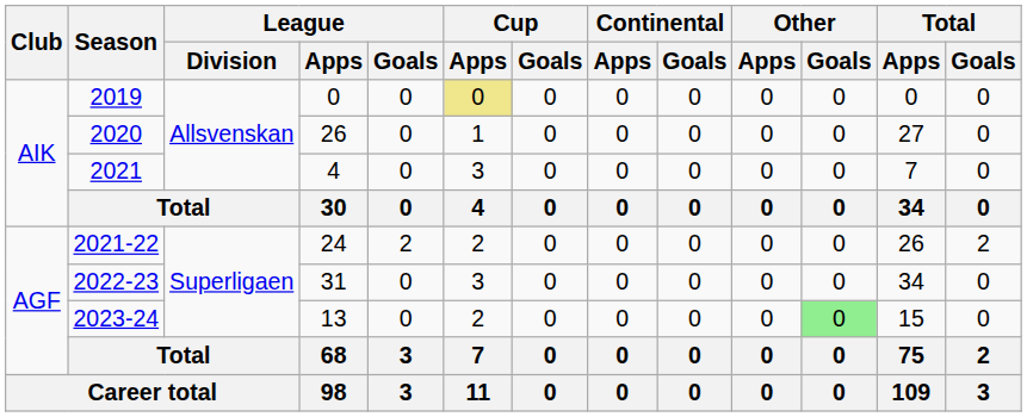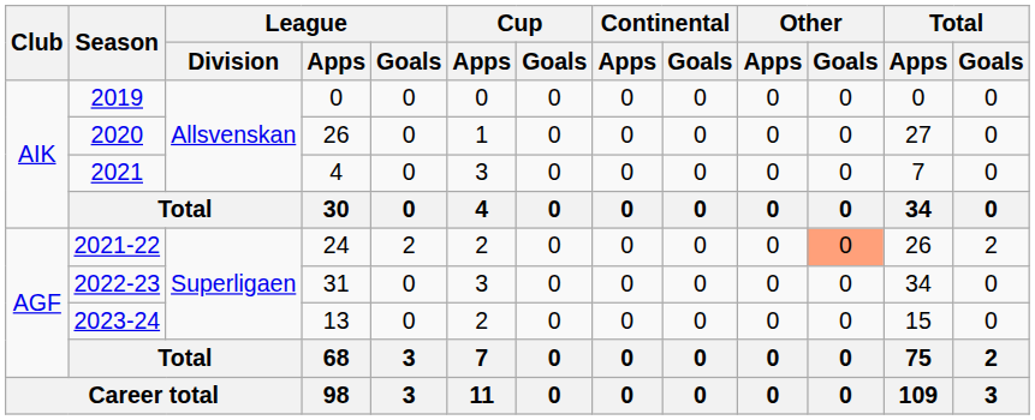 <table class="wikitable" style="text-align: center">
 <tr>
 <th rowspan="2">Club</th>
 <th rowspan="2">Season</th>
 <th colspan="3">League</th>
 <th colspan="2">Cup</th>
 <th colspan="2">Continental</th>
 <th colspan="2">Other</th>
 <th colspan="2">Total</th>
 </tr>
 <tr>
 <th>Division</th>
 <th>Apps</th>
 <th>Goals</th>
 <th>Apps</th>
 <th>Goals</th>
 <th>Apps</th>
 <th>Goals</th>
 <th>Apps</th>
 <th>Goals</th>
 <th>Apps</th>
 <th>Goals</th>
 </tr>
 <tr>
 <td rowspan="4"><a href='#'>AIK</a></td>
 <td><a href='#'>2019</a></td>
 <td rowspan="3"><a href='#'>Allsvenskan</a></td>
 <td>0</td>
 <td>0</td>
-<td style="background: khaki;">0</td>
+<td>0</td>
 <td>0</td>
 <td>0</td>
 <td>0</td>
 <td>0</td>
 <td>0</td>
 <td>0</td>
 <td>0</td>
 </tr>
 <tr>
 <td><a href='#'>2020</a></td>
 <td>26</td>
 <td>0</td>
 <td>1</td>
 <td>0</td>
 <td>0</td>
 <td>0</td>
 <td>0</td>
 <td>0</td>
 <td>27</td>
 <td>0</td>
 </tr>
 <tr>
 <td><a href='#'>2021</a></td>
 <td>4</td>
 <td>0</td>
 <td>3</td>
 <td>0</td>
 <td>0</td>
 <td>0</td>
 <td>0</td>
 <td>0</td>
 <td>7</td>
 <td>0</td>
 </tr>
 <tr>
 <th colspan="2">Total</th>
 <th>30</th>
 <th>0</th>
 <th>4</th>
 <th>0</th>
 <th>0</th>
 <th>0</th>
 <th>0</th>
 <th>0</th>
 <th>34</th>
 <th>0</th>
 </tr>
 <tr>
 <td rowspan="4"><a href='#'>AGF</a></td>
 <td><a href='#'>2021-22</a></td>
 <td rowspan="3"><a href='#'>Superligaen</a></td>
 <td>24</td>
 <td>2</td>
 <td>2</td>
 <td>0</td>
 <td>0</td>
 <td>0</td>
 <td>0</td>
-<td>0</td>
+<td style="background: lightsalmon;">0</td>
 <td>26</td>
 <td>2</td>
 </tr>
 <tr>
 <td><a href='#'>2022-23</a></td>
 <td>31</td>
 <td>0</td>
 <td>3</td>
 <td>0</td>
 <td>0</td>
 <td>0</td>
 <td>0</td>
 <td>0</td>
 <td>34</td>
 <td>0</td>
 </tr>
 <tr>
 <td><a href='#'>2023-24</a></td>
 <td>13</td>
 <td>0</td>
 <td>2</td>
 <td>0</td>
 <td>0</td>
 <td>0</td>
 <td>0</td>
-<td style="background: lightgreen;">0</td>
+<td>0</td>
 <td>15</td>
 <td>0</td>
 </tr>
 <tr>
 <th colspan="2">Total</th>
 <th>68</th>
 <th>3</th>
 <th>7</th>
 <th>0</th>
 <th>0</th>
 <th>0</th>
 <th>0</th>
 <th>0</th>
 <th>75</th>
 <th>2</th>
 </tr>
 <tr>
 <th colspan=3>Career total</th>
 <th>98</th>
 <th>3</th>
 <th>11</th>
 <th>0</th>
 <th>0</th>
 <th>0</th>
 <th>0</th>
 <th>0</th>
 <th>109</th>
 <th>3</th>
 </tr>
 </table>
